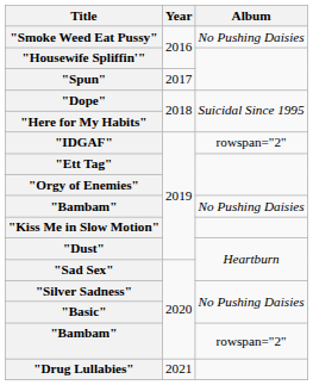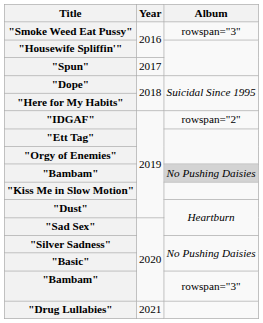 <table class="wikitable plainrowheaders" style="text-align:center;">
 <tr>
 <th scope="col">Title</th>
 <th scope="col">Year</th>
 <th scope="col">Album</th>
 </tr>
 <tr>
 <th scope="row">"Smoke Weed Eat Pussy"</th>
 <td rowspan="2">2016</td>
-<td><em>No Pushing Daisies</em></td>
+<td>rowspan="3" </td>
 </tr>
 <tr>
 <th scope="row">"Housewife Spliffin'"</th>
 </tr>
 <tr>
 <th scope="row">"Spun"</th>
 <td>2017</td>
 </tr>
 <tr>
 <th scope="row">"Dope"</th>
 <td rowspan="2">2018</td>
 <td rowspan="2"><em>Suicidal Since 1995</em></td>
 </tr>
 <tr>
 <th scope="row">"Here for My Habits"</th>
 </tr>
 <tr>
 <th scope="row">"IDGAF"</th>
 <td rowspan="6">2019</td>
 <td>rowspan="2" </td>
 </tr>
 <tr>
 <th scope="row">"Ett Tag"<br></th>
 </tr>
 <tr>
 <th scope="row">"Orgy of Enemies"<br></th>
 </tr>
 <tr>
 <th scope="row">"Bambam"<br></th>
-<td><em>No Pushing Daisies</em></td>
+<td style="background: lightgrey;"><em>No Pushing Daisies</em></td>
 </tr>
 <tr>
 <th scope="row">"Kiss Me in Slow Motion"</th>
 <td></td>
 </tr>
 <tr>
 <th scope="row">"Dust"</th>
 <td rowspan="2"><em>Heartburn</em></td>
 </tr>
 <tr>
 <th scope="row">"Sad Sex"</th>
 <td rowspan="4">2020</td>
 </tr>
 <tr>
 <th scope="row">"Silver Sadness"</th>
 <td rowspan="2"><em>No Pushing Daisies</em></td>
 </tr>
 <tr>
 <th scope="row">"Basic"</th>
 </tr>
 <tr>
 <th scope="row">"Bambam"<br><br></th>
-<td>rowspan="2" </td>
+<td>rowspan="3" </td>
 </tr>
 <tr>
 <th scope="row">"Drug Lullabies"</th>
 <td>2021</td>
 </tr>
 </table>
